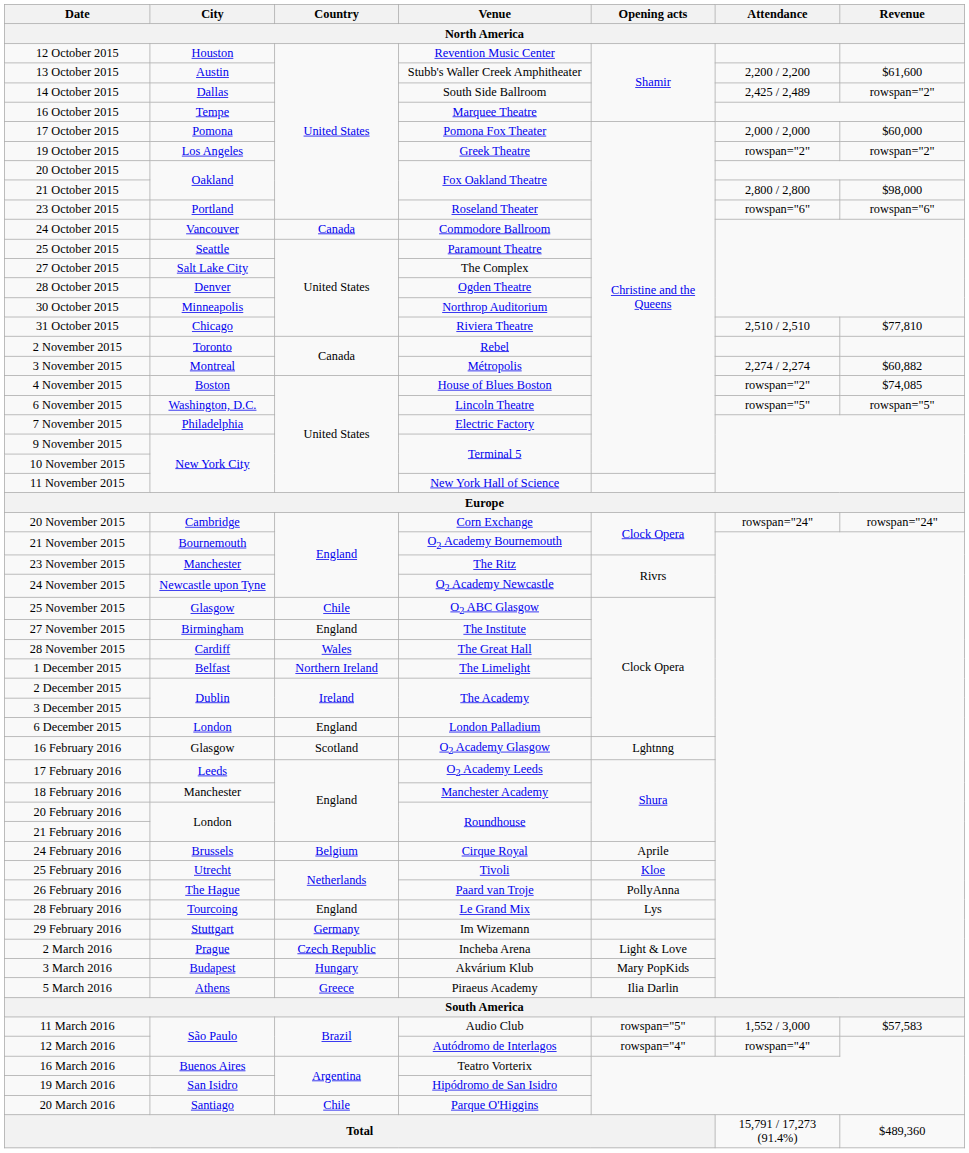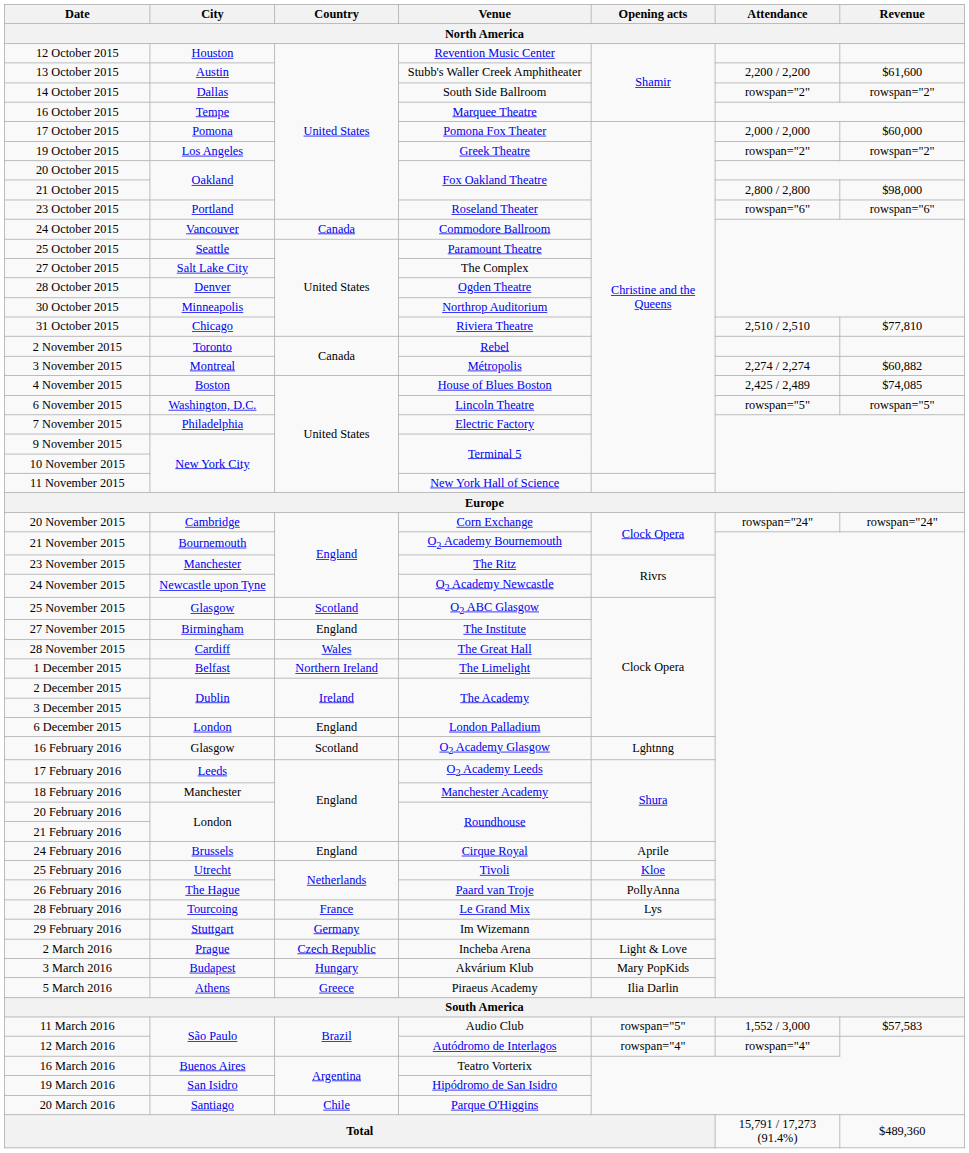 <table class="wikitable wplainrowheaders" style="text-align:center;">
 <tr>
 <th scope="col" style="width:12em;">Date</th>
 <th scope="col" style="width:10em;">City</th>
 <th scope="col" style="width:10em;">Country</th>
 <th scope="col" style="width:16em;">Venue</th>
 <th scope="col" style="width:10em;">Opening acts</th>
 <th scope="col" style="width:10em;">Attendance</th>
 <th scope="col" style="width:10em;">Revenue</th>
 </tr>
 <tr>
 <th colspan="7">North America</th>
 </tr>
 <tr>
 <td>12 October 2015</td>
 <td><a href='#'>Houston</a></td>
 <td rowspan="9"><a href='#'>United States</a></td>
 <td><a href='#'>Revention Music Center</a></td>
 <td rowspan="4"><a href='#'>Shamir</a></td>
 <td></td>
 <td></td>
 </tr>
 <tr>
 <td>13 October 2015</td>
 <td><a href='#'>Austin</a></td>
 <td>Stubb's Waller Creek Amphitheater</td>
 <td>2,200 / 2,200</td>
 <td>$61,600</td>
 </tr>
 <tr>
 <td>14 October 2015</td>
 <td><a href='#'>Dallas</a></td>
 <td>South Side Ballroom</td>
-<td>2,425 / 2,489</td>
+<td>rowspan="2" </td>
 <td>rowspan="2" </td>
 </tr>
 <tr>
 <td>16 October 2015</td>
 <td><a href='#'>Tempe</a></td>
 <td><a href='#'>Marquee Theatre</a></td>
 </tr>
 <tr>
 <td>17 October 2015</td>
 <td><a href='#'>Pomona</a></td>
 <td><a href='#'>Pomona Fox Theater</a></td>
 <td rowspan="18"><a href='#'>Christine and the Queens</a></td>
 <td>2,000 / 2,000</td>
 <td>$60,000</td>
 </tr>
 <tr>
 <td>19 October 2015</td>
 <td><a href='#'>Los Angeles</a></td>
 <td><a href='#'>Greek Theatre</a></td>
 <td>rowspan="2" </td>
 <td>rowspan="2" </td>
 </tr>
 <tr>
 <td>20 October 2015</td>
 <td rowspan="2"><a href='#'>Oakland</a></td>
 <td rowspan="2"><a href='#'>Fox Oakland Theatre</a></td>
 </tr>
 <tr>
 <td>21 October 2015</td>
 <td>2,800 / 2,800</td>
 <td>$98,000</td>
 </tr>
 <tr>
 <td>23 October 2015</td>
 <td><a href='#'>Portland</a></td>
 <td><a href='#'>Roseland Theater</a></td>
 <td>rowspan="6" </td>
 <td>rowspan="6" </td>
 </tr>
 <tr>
 <td>24 October 2015</td>
 <td><a href='#'>Vancouver</a></td>
 <td><a href='#'>Canada</a></td>
 <td><a href='#'>Commodore Ballroom</a></td>
 </tr>
 <tr>
 <td>25 October 2015</td>
 <td><a href='#'>Seattle</a></td>
 <td rowspan="5">United States</td>
 <td><a href='#'>Paramount Theatre</a></td>
 </tr>
 <tr>
 <td>27 October 2015</td>
 <td><a href='#'>Salt Lake City</a></td>
 <td>The Complex</td>
 </tr>
 <tr>
 <td>28 October 2015</td>
 <td><a href='#'>Denver</a></td>
 <td><a href='#'>Ogden Theatre</a></td>
 </tr>
 <tr>
 <td>30 October 2015</td>
 <td><a href='#'>Minneapolis</a></td>
 <td><a href='#'>Northrop Auditorium</a></td>
 </tr>
 <tr>
 <td>31 October 2015</td>
 <td><a href='#'>Chicago</a></td>
 <td><a href='#'>Riviera Theatre</a></td>
 <td>2,510 / 2,510</td>
 <td>$77,810</td>
 </tr>
 <tr>
 <td>2 November 2015</td>
 <td><a href='#'>Toronto</a></td>
 <td rowspan="2">Canada</td>
 <td><a href='#'>Rebel</a></td>
 <td></td>
 <td></td>
 </tr>
 <tr>
 <td>3 November 2015</td>
 <td><a href='#'>Montreal</a></td>
 <td><a href='#'>Métropolis</a></td>
 <td>2,274 / 2,274</td>
 <td>$60,882</td>
 </tr>
 <tr>
 <td>4 November 2015</td>
 <td><a href='#'>Boston</a></td>
 <td rowspan="6">United States</td>
 <td><a href='#'>House of Blues Boston</a></td>
-<td>rowspan="2" </td>
+<td>2,425 / 2,489</td>
 <td>$74,085</td>
 </tr>
 <tr>
 <td>6 November 2015</td>
 <td><a href='#'>Washington, D.C.</a></td>
 <td><a href='#'>Lincoln Theatre</a></td>
 <td>rowspan="5" </td>
 <td>rowspan="5" </td>
 </tr>
 <tr>
 <td>7 November 2015</td>
 <td><a href='#'>Philadelphia</a></td>
 <td><a href='#'>Electric Factory</a></td>
 </tr>
 <tr>
 <td>9 November 2015</td>
 <td rowspan="3"><a href='#'>New York City</a></td>
 <td rowspan="2"><a href='#'>Terminal 5</a></td>
 </tr>
 <tr>
 <td>10 November 2015</td>
 </tr>
 <tr>
 <td>11 November 2015</td>
 <td><a href='#'>New York Hall of Science</a></td>
 <td></td>
 </tr>
 <tr>
 <th colspan="7">Europe</th>
 </tr>
 <tr>
 <td>20 November 2015</td>
 <td><a href='#'>Cambridge</a></td>
 <td rowspan="4"><a href='#'>England</a></td>
 <td><a href='#'>Corn Exchange</a></td>
 <td rowspan="2"><a href='#'>Clock Opera</a></td>
 <td>rowspan="24" </td>
 <td>rowspan="24" </td>
 </tr>
 <tr>
 <td>21 November 2015</td>
 <td><a href='#'>Bournemouth</a></td>
 <td><a href='#'>O<sub>2</sub> Academy Bournemouth</a></td>
 </tr>
 <tr>
 <td>23 November 2015</td>
 <td><a href='#'>Manchester</a></td>
 <td><a href='#'>The Ritz</a></td>
 <td rowspan="2">Rivrs</td>
 </tr>
 <tr>
 <td>24 November 2015</td>
 <td><a href='#'>Newcastle upon Tyne</a></td>
 <td><a href='#'>O<sub>2</sub> Academy Newcastle</a></td>
 </tr>
 <tr>
 <td>25 November 2015</td>
 <td><a href='#'>Glasgow</a></td>
-<td><a href='#'>Chile</a></td>
+<td><a href='#'>Scotland</a></td>
 <td><a href='#'>O<sub>2</sub> ABC Glasgow</a></td>
 <td rowspan="7">Clock Opera</td>
 </tr>
 <tr>
 <td>27 November 2015</td>
 <td><a href='#'>Birmingham</a></td>
 <td>England</td>
 <td><a href='#'>The Institute</a></td>
 </tr>
 <tr>
 <td>28 November  2015</td>
 <td><a href='#'>Cardiff</a></td>
 <td><a href='#'>Wales</a></td>
 <td><a href='#'>The Great Hall</a></td>
 </tr>
 <tr>
 <td>1 December 2015</td>
 <td><a href='#'>Belfast</a></td>
 <td><a href='#'>Northern Ireland</a></td>
 <td><a href='#'>The Limelight</a></td>
 </tr>
 <tr>
 <td>2 December 2015</td>
 <td rowspan="2"><a href='#'>Dublin</a></td>
 <td rowspan="2"><a href='#'>Ireland</a></td>
 <td rowspan="2"><a href='#'>The Academy</a></td>
 </tr>
 <tr>
 <td>3 December 2015</td>
 </tr>
 <tr>
 <td>6 December 2015</td>
 <td><a href='#'>London</a></td>
 <td>England</td>
 <td><a href='#'>London Palladium</a></td>
 </tr>
 <tr>
 <td>16 February 2016</td>
 <td>Glasgow</td>
 <td>Scotland</td>
 <td><a href='#'>O<sub>2</sub> Academy Glasgow</a></td>
 <td>Lghtnng</td>
 </tr>
 <tr>
 <td>17 February 2016</td>
 <td><a href='#'>Leeds</a></td>
 <td rowspan="4">England</td>
 <td><a href='#'>O<sub>2</sub> Academy Leeds</a></td>
 <td rowspan="4"><a href='#'>Shura</a></td>
 </tr>
 <tr>
 <td>18 February 2016</td>
 <td>Manchester</td>
 <td><a href='#'>Manchester Academy</a></td>
 </tr>
 <tr>
 <td>20 February 2016</td>
 <td rowspan="2">London</td>
 <td rowspan="2"><a href='#'>Roundhouse</a></td>
 </tr>
 <tr>
 <td>21 February 2016</td>
 </tr>
 <tr>
 <td>24 February 2016</td>
 <td><a href='#'>Brussels</a></td>
-<td><a href='#'>Belgium</a></td>
+<td>England</td>
 <td><a href='#'>Cirque Royal</a></td>
 <td>Aprile</td>
 </tr>
 <tr>
 <td>25 February 2016</td>
 <td><a href='#'>Utrecht</a></td>
 <td rowspan="2"><a href='#'>Netherlands</a></td>
 <td><a href='#'>Tivoli</a></td>
 <td><a href='#'>Kloe</a></td>
 </tr>
 <tr>
 <td>26 February 2016</td>
 <td><a href='#'>The Hague</a></td>
 <td><a href='#'>Paard van Troje</a></td>
 <td>PollyAnna</td>
 </tr>
 <tr>
 <td>28 February 2016</td>
 <td><a href='#'>Tourcoing</a></td>
-<td>England</td>
+<td><a href='#'>France</a></td>
 <td><a href='#'>Le Grand Mix</a></td>
 <td>Lys</td>
 </tr>
 <tr>
 <td>29 February 2016</td>
 <td><a href='#'>Stuttgart</a></td>
 <td><a href='#'>Germany</a></td>
 <td>Im Wizemann</td>
 <td></td>
 </tr>
 <tr>
 <td>2 March 2016</td>
 <td><a href='#'>Prague</a></td>
 <td><a href='#'>Czech Republic</a></td>
 <td>Incheba Arena</td>
 <td>Light & Love</td>
 </tr>
 <tr>
 <td>3 March 2016</td>
 <td><a href='#'>Budapest</a></td>
 <td><a href='#'>Hungary</a></td>
 <td>Akvárium Klub</td>
 <td>Mary PopKids</td>
 </tr>
 <tr>
 <td>5 March 2016</td>
 <td><a href='#'>Athens</a></td>
 <td><a href='#'>Greece</a></td>
 <td>Piraeus Academy</td>
 <td>Ilia Darlin</td>
 </tr>
 <tr>
 <th colspan="7">South America</th>
 </tr>
 <tr>
 <td>11 March 2016</td>
 <td rowspan="2"><a href='#'>São Paulo</a></td>
 <td rowspan="2"><a href='#'>Brazil</a></td>
 <td>Audio Club</td>
 <td>rowspan="5" </td>
 <td>1,552 / 3,000</td>
 <td>$57,583</td>
 </tr>
 <tr>
 <td>12 March 2016</td>
 <td><a href='#'>Autódromo de Interlagos</a></td>
 <td>rowspan="4" </td>
 <td>rowspan="4" </td>
 </tr>
 <tr>
 <td>16 March 2016</td>
 <td><a href='#'>Buenos Aires</a></td>
 <td rowspan="2"><a href='#'>Argentina</a></td>
 <td>Teatro Vorterix</td>
 </tr>
 <tr>
 <td>19 March 2016</td>
 <td><a href='#'>San Isidro</a></td>
 <td><a href='#'>Hipódromo de San Isidro</a></td>
 </tr>
 <tr>
 <td>20 March 2016</td>
 <td><a href='#'>Santiago</a></td>
 <td><a href='#'>Chile</a></td>
 <td><a href='#'>Parque O'Higgins</a></td>
 </tr>
 <tr>
 <th colspan="5">Total</th>
 <td>15,791 / 17,273 (91.4%)</td>
 <td>$489,360</td>
 </tr>
 </table>
